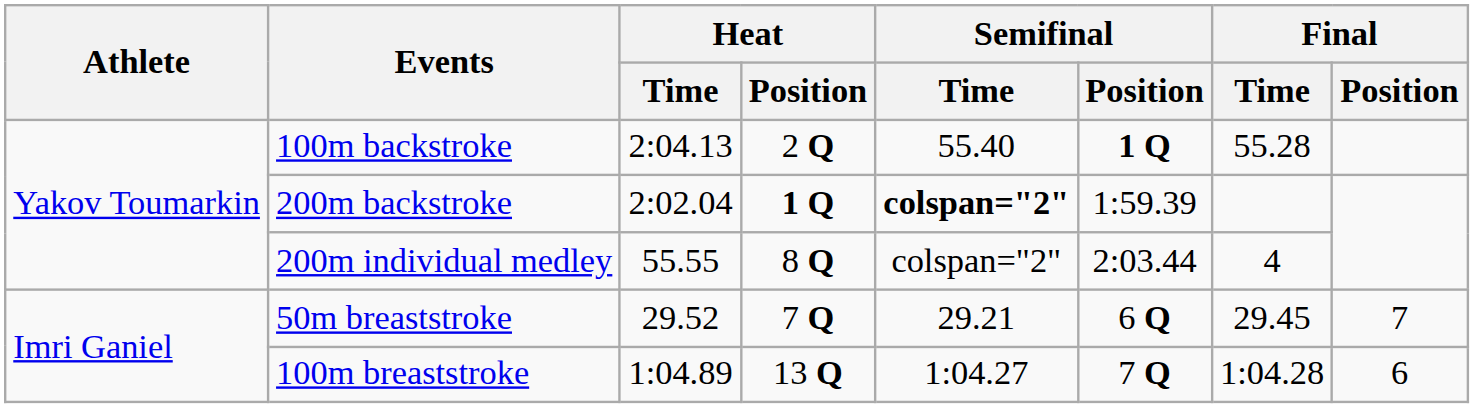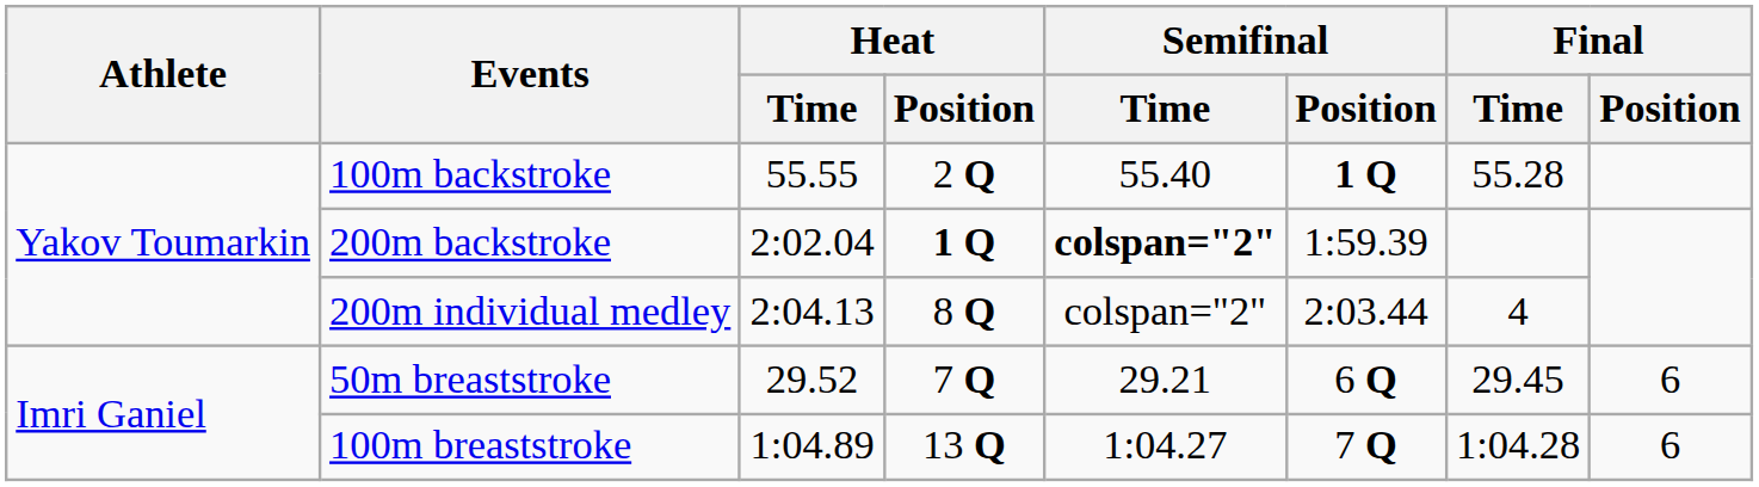 <table class="wikitable" border="1" style="font-size:90%">
 <tr>
 <th rowspan=2>Athlete</th>
 <th rowspan=2>Events</th>
 <th colspan=2>Heat</th>
 <th colspan=2>Semifinal</th>
 <th colspan=2>Final</th>
 </tr>
 <tr>
 <th>Time</th>
 <th>Position</th>
 <th>Time</th>
 <th>Position</th>
 <th>Time</th>
 <th>Position</th>
 </tr>
 <tr align=center>
 <td rowspan="3" align=left><a href='#'>Yakov Toumarkin</a></td>
 <td align=left><a href='#'>100m backstroke</a></td>
-<td>2:04.13</td>
+<td>55.55</td>
 <td>2 <strong>Q</strong></td>
 <td>55.40</td>
 <td><strong>1 Q</strong></td>
 <td>55.28</td>
 <td></td>
 </tr>
 <tr align=center>
 <td align=left><a href='#'>200m backstroke</a></td>
 <td>2:02.04</td>
 <td><strong>1 Q</strong></td>
 <td><strong>colspan="2" </strong></td>
 <td>1:59.39</td>
 <td></td>
 </tr>
 <tr align=center>
 <td align=left><a href='#'>200m individual medley</a></td>
-<td>55.55</td>
+<td>2:04.13</td>
 <td>8 <strong>Q</strong></td>
 <td>colspan="2" </td>
 <td>2:03.44</td>
 <td>4</td>
 </tr>
 <tr align=center>
 <td rowspan="2" align=left><a href='#'>Imri Ganiel</a></td>
 <td align=left><a href='#'>50m breaststroke</a></td>
 <td>29.52</td>
 <td>7 <strong>Q</strong></td>
 <td>29.21</td>
 <td>6 <strong>Q</strong></td>
 <td>29.45</td>
-<td>7</td>
+<td>6</td>
 </tr>
 <tr align=center>
 <td align=left><a href='#'>100m breaststroke</a></td>
 <td>1:04.89</td>
 <td>13 <strong>Q</strong></td>
 <td>1:04.27</td>
 <td>7 <strong>Q</strong></td>
 <td>1:04.28</td>
 <td>6</td>
 </tr>
 </table>
